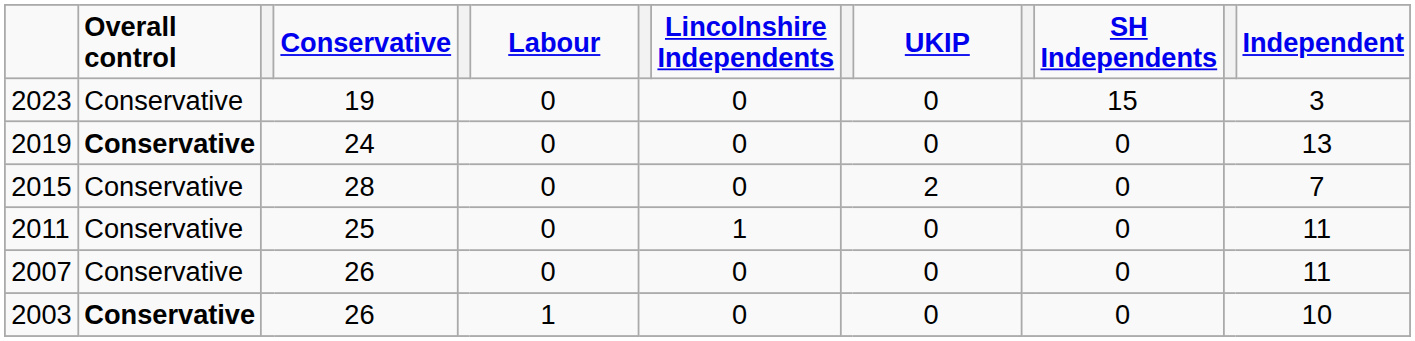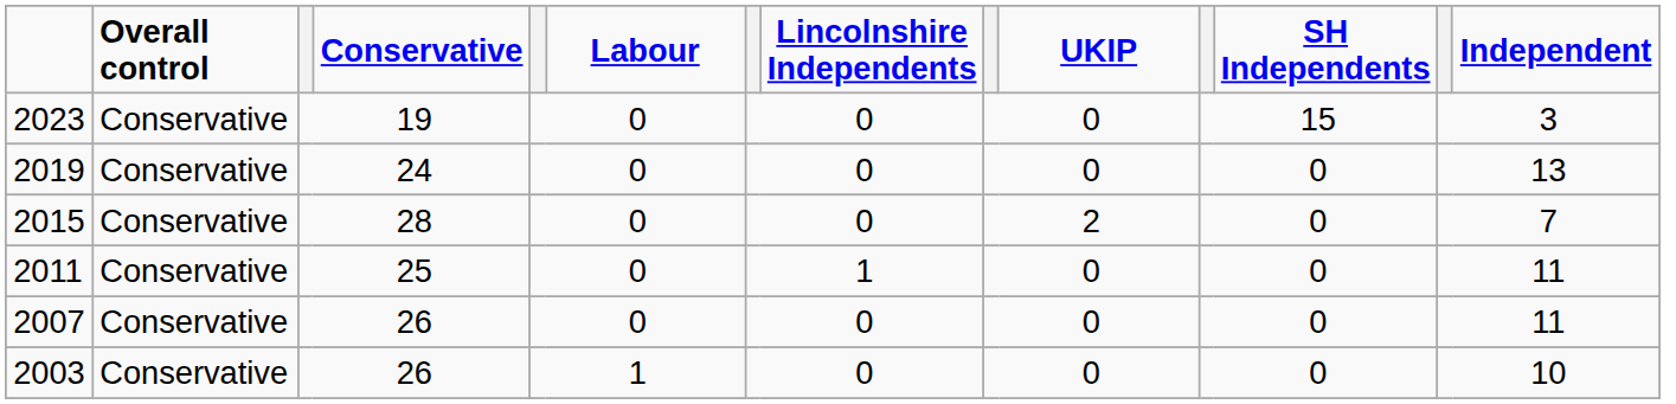 <table class="wikitable" style="text-align:left; padding-left:1em; font-size: 95%">
 <tr>
 <td width=32></td>
 <td width=90><strong>Overall control</strong></td>
 <th style="background-color: "></th>
 <td width=87 align="center"><strong><a href='#'>Conservative</a></strong></td>
 <th style="background-color: "></th>
 <td width=87 align="center"><strong><a href='#'>Labour</a></strong></td>
 <th style="background-color: "></th>
 <td width=87 align="center"><strong><a href='#'>Lincolnshire Independents</a></strong></td>
 <th style="background-color: "></th>
 <td width=87 align="center"><strong><a href='#'>UKIP</a></strong></td>
 <th style="background-color: "></th>
 <td width=87 align="center"><strong><a href='#'>SH Independents</a></strong></td>
 <th style="background-color: "></th>
 <td width=87 align="center"><strong><a href='#'>Independent</a></strong></td>
 </tr>
 <tr>
 <td>2023</td>
 <td style="background:">Conservative</td>
 <td colspan=2 align="center">19</td>
 <td colspan=2 align="center">0</td>
 <td colspan=2 align="center">0</td>
 <td colspan=2 align="center">0</td>
 <td colspan=2 align="center">15</td>
 <td colspan=2 align="center">3</td>
 </tr>
 <tr>
 <td>2019</td>
-<td style="background:"><strong>Conservative</strong></td>
+<td style="background:">Conservative</td>
 <td colspan=2 align="center">24</td>
 <td colspan=2 align="center">0</td>
 <td colspan=2 align="center">0</td>
 <td colspan=2 align="center">0</td>
 <td colspan=2 align="center">0</td>
 <td colspan=2 align="center">13</td>
 </tr>
 <tr>
 <td>2015</td>
 <td style="background:">Conservative</td>
 <td colspan=2 align="center">28</td>
 <td colspan=2 align="center">0</td>
 <td colspan=2 align="center">0</td>
 <td colspan=2 align="center">2</td>
 <td colspan=2 align="center">0</td>
 <td colspan=2 align="center">7</td>
 </tr>
 <tr>
 <td>2011</td>
 <td style="background:">Conservative</td>
 <td colspan=2 align="center">25</td>
 <td colspan=2 align="center">0</td>
 <td colspan=2 align="center">1</td>
 <td colspan=2 align="center">0</td>
 <td colspan=2 align="center">0</td>
 <td colspan=2 align="center">11</td>
 </tr>
 <tr>
 <td>2007</td>
 <td style="background:">Conservative</td>
 <td colspan=2 align="center">26</td>
 <td colspan=2 align="center">0</td>
 <td colspan=2 align="center">0</td>
 <td colspan=2 align="center">0</td>
 <td colspan=2 align="center">0</td>
 <td colspan=2 align="center">11</td>
 </tr>
 <tr>
 <td>2003</td>
-<td style="background:"><strong>Conservative</strong></td>
+<td style="background:">Conservative</td>
 <td colspan=2 align="center">26</td>
 <td colspan=2 align="center">1</td>
 <td colspan=2 align="center">0</td>
 <td colspan=2 align="center">0</td>
 <td colspan=2 align="center">0</td>
 <td colspan=2 align="center">10</td>
 </tr>
 </table>
